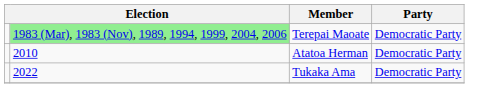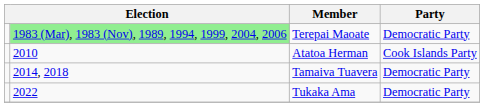 <table class="wikitable">
 <tr>
 <th colspan="2">Election</th>
 <th>Member</th>
 <th>Party</th>
 </tr>
 <tr>
 <td style="background-color: "></td>
 <td style="background: lightgreen;"><a href='#'>1983 (Mar)</a>, <a href='#'>1983 (Nov)</a>, <a href='#'>1989</a>, <a href='#'>1994</a>, <a href='#'>1999</a>, <a href='#'>2004</a>, <a href='#'>2006</a></td>
 <td><a href='#'>Terepai Maoate</a></td>
 <td><a href='#'>Democratic Party</a></td>
 </tr>
 <tr>
 <td style="background-color: "></td>
 <td><a href='#'>2010</a></td>
 <td><a href='#'>Atatoa Herman</a></td>
+<td><a href='#'>Cook Islands Party</a></td>
+</tr>
+<tr>
+<td style="background-color: "></td>
+<td><a href='#'>2014</a>, <a href='#'>2018</a></td>
+<td><a href='#'>Tamaiva Tuavera</a></td>
 <td><a href='#'>Democratic Party</a></td>
 </tr>
 <tr>
 <td style="background-color: "></td>
 <td><a href='#'>2022</a></td>
 <td><a href='#'>Tukaka Ama</a></td>
 <td><a href='#'>Democratic Party</a></td>
 </tr>
 <tr>
 </tr>
 </table>
